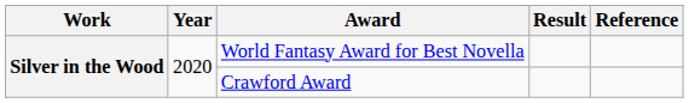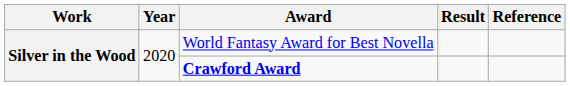 <table class="wikitable">
 <tr>
 <th>Work</th>
 <th>Year</th>
 <th>Award</th>
 <th>Result</th>
 <th>Reference</th>
 </tr>
 <tr>
 <th rowspan=2>Silver in the Wood</th>
 <td rowspan=2>2020</td>
 <td><a href='#'>World Fantasy Award for Best Novella</a></td>
 <td></td>
 <td></td>
 </tr>
 <tr>
-<td><a href='#'>Crawford Award</a></td>
+<td><strong><a href='#'>Crawford Award</a></strong></td>
 <td></td>
 <td></td>
 </tr>
 </table>
